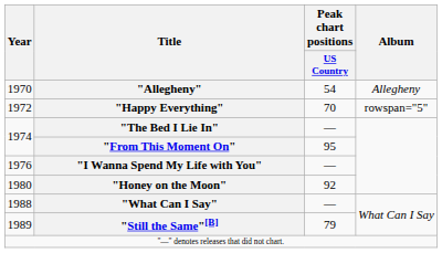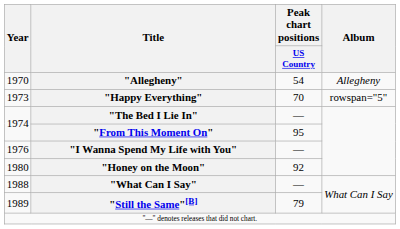 <table class="wikitable plainrowheaders" style="text-align:center;">
 <tr>
 <th rowspan="2">Year</th>
 <th rowspan="2" style="width:22em;">Title</th>
 <th colspan="1">Peak<br>chart<br>positions</th>
 <th rowspan="2">Album</th>
 </tr>
 <tr style="font-size:smaller;">
 <th width="45"><a href='#'>US Country</a><br></th>
 </tr>
 <tr>
 <td>1970</td>
 <th scope="row">"Allegheny"</th>
 <td>54</td>
 <td><em>Allegheny</em></td>
 </tr>
 <tr>
-<td>1972</td>
+<td>1973</td>
 <th scope="row">"Happy Everything"</th>
 <td>70</td>
 <td>rowspan="5" </td>
 </tr>
 <tr>
 <td rowspan="2">1974</td>
 <th scope="row">"The Bed I Lie In"</th>
 <td>—</td>
 </tr>
 <tr>
 <th scope="row">"<a href='#'>From This Moment On</a>"</th>
 <td>95</td>
 </tr>
 <tr>
 <td>1976</td>
 <th scope="row">"I Wanna Spend My Life with You"</th>
 <td>—</td>
 </tr>
 <tr>
 <td>1980</td>
 <th scope="row">"Honey on the Moon"</th>
 <td>92</td>
 </tr>
 <tr>
 <td>1988</td>
 <th scope="row">"What Can I Say"</th>
 <td>—</td>
 <td rowspan="2"><em>What Can I Say</em></td>
 </tr>
 <tr>
 <td>1989</td>
 <th scope="row">"<a href='#'>Still the Same</a>"<sup><span></span><a href='#'><strong>[B]</strong></a></sup></th>
 <td>79</td>
 </tr>
 <tr>
 <td align="center" colspan="4" style="font-size: 8pt">"—" denotes releases that did not chart.</td>
 </tr>
 </table>
